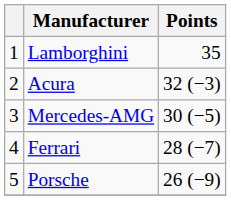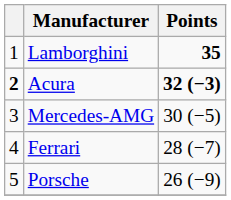 <table class="wikitable" style="font-size: 95%;">
 <tr>
 <th scope="col"></th>
 <th scope="col">Manufacturer</th>
 <th scope="col">Points</th>
 </tr>
 <tr>
 <td align=center>1</td>
 <td> <a href='#'>Lamborghini</a></td>
-<td align=right>35</td>
+<td align=right><strong>35</strong></td>
 </tr>
 <tr>
-<td align=center>2</td>
+<td align=center><strong>2</strong></td>
 <td> <a href='#'>Acura</a></td>
-<td align=right>32 (−3)</td>
+<td align=right><strong>32 (−3)</strong></td>
 </tr>
 <tr>
 <td align=center>3</td>
 <td> <a href='#'>Mercedes-AMG</a></td>
 <td align=right>30 (−5)</td>
 </tr>
 <tr>
 <td align=center>4</td>
 <td> <a href='#'>Ferrari</a></td>
 <td align=right>28 (−7)</td>
 </tr>
 <tr>
 <td align=center>5</td>
 <td> <a href='#'>Porsche</a></td>
 <td align=right>26 (−9)</td>
 </tr>
 <tr>
 </tr>
 </table>
